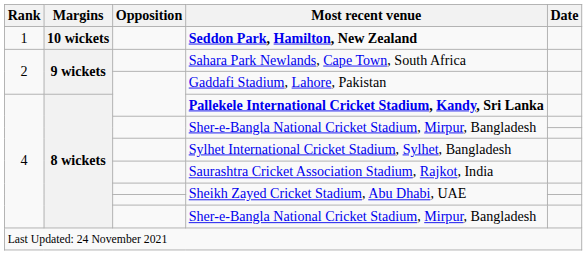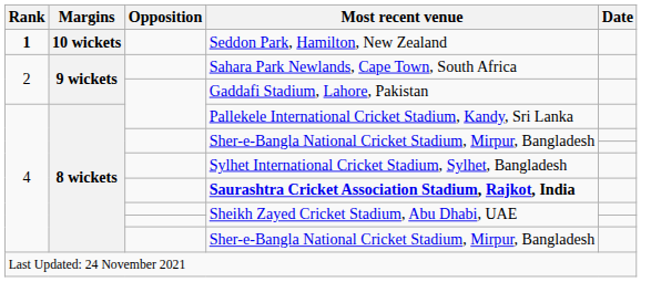 <table class="wikitable plainrowheaders sortable">
 <tr>
 <th scope=col>Rank</th>
 <th scope=col>Margins</th>
 <th scope=col>Opposition</th>
 <th scope=col>Most recent venue</th>
 <th scope=col>Date</th>
 </tr>
 <tr>
-<td align=center>1</td>
+<td align=center><strong>1</strong></td>
 <th scope=row style=text-align:center>10 wickets</th>
 <td></td>
-<td><strong><a href='#'>Seddon Park</a>, <a href='#'>Hamilton</a>, New Zealand</strong></td>
+<td><a href='#'>Seddon Park</a>, <a href='#'>Hamilton</a>, New Zealand</td>
 <td></td>
 </tr>
 <tr>
 <td align=center rowspan=2>2</td>
 <th scope=row style=text-align:center rowspan=2>9 wickets</th>
 <td></td>
 <td><a href='#'>Sahara Park Newlands</a>, <a href='#'>Cape Town</a>, South Africa</td>
 <td> </td>
 </tr>
 <tr>
 <td rowspan=2></td>
 <td><a href='#'>Gaddafi Stadium</a>, <a href='#'>Lahore</a>, Pakistan</td>
 <td></td>
 </tr>
 <tr>
 <td align=center rowspan=8>4</td>
 <th scope=row style=text-align:center rowspan=8>8 wickets</th>
-<td><strong><a href='#'>Pallekele International Cricket Stadium</a>, <a href='#'>Kandy</a>, Sri Lanka</strong></td>
+<td><a href='#'>Pallekele International Cricket Stadium</a>, <a href='#'>Kandy</a>, Sri Lanka</td>
 <td> </td>
 </tr>
 <tr>
 <td rowspan=2></td>
 <td rowspan=2><a href='#'>Sher-e-Bangla National Cricket Stadium</a>, <a href='#'>Mirpur</a>, Bangladesh</td>
 <td> </td>
 </tr>
 <tr>
 <td></td>
 </tr>
 <tr>
 <td></td>
 <td><a href='#'>Sylhet International Cricket Stadium</a>, <a href='#'>Sylhet</a>, Bangladesh</td>
 <td></td>
 </tr>
 <tr>
 <td></td>
-<td><a href='#'>Saurashtra Cricket Association Stadium</a>, <a href='#'>Rajkot</a>, India</td>
+<td><strong><a href='#'>Saurashtra Cricket Association Stadium</a>, <a href='#'>Rajkot</a>, India</strong></td>
 <td></td>
 </tr>
 <tr>
 <td></td>
 <td rowspan=2><a href='#'>Sheikh Zayed Cricket Stadium</a>, <a href='#'>Abu Dhabi</a>, UAE</td>
 <td> </td>
 </tr>
 <tr>
 <td></td>
 <td> </td>
 </tr>
 <tr>
 <td></td>
 <td><a href='#'>Sher-e-Bangla National Cricket Stadium</a>, <a href='#'>Mirpur</a>, Bangladesh</td>
 <td></td>
 </tr>
 <tr class=sortbottom>
 <td colspan=5><small>Last Updated: 24 November 2021</small></td>
 </tr>
 </table>
